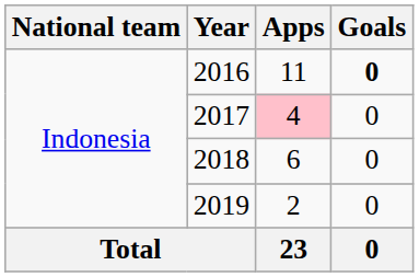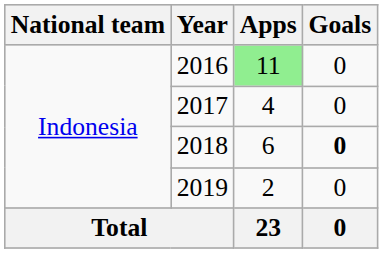 <table class="wikitable" style="text-align:center">
 <tr>
 <th>National team</th>
 <th>Year</th>
 <th>Apps</th>
 <th>Goals</th>
 </tr>
 <tr>
 <td rowspan=4><a href='#'>Indonesia</a></td>
 <td>2016</td>
-<td>11</td>
-<td><strong>0</strong></td>
+<td style="background: lightgreen;">11</td>
+<td>0</td>
 </tr>
 <tr>
 <td>2017</td>
-<td style="background: pink;">4</td>
+<td>4</td>
 <td>0</td>
 </tr>
 <tr>
 <td>2018</td>
 <td>6</td>
-<td>0</td>
+<td><strong>0</strong></td>
 </tr>
 <tr>
 <td>2019</td>
 <td>2</td>
 <td>0</td>
 </tr>
 <tr>
 <th colspan=2>Total</th>
 <th>23</th>
 <th>0</th>
 </tr>
 </table>
